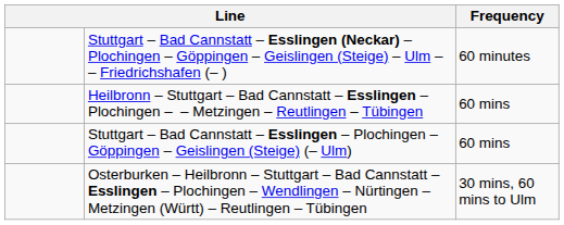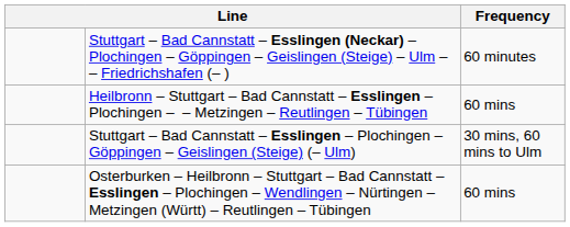 <table class="wikitable">
 <tr>
 <th colspan="2">Line</th>
 <th>Frequency</th>
 </tr>
 <tr>
 <td align="center" style="width:5em"></td>
 <td><a href='#'>Stuttgart</a> – <a href='#'>Bad Cannstatt</a> – <strong>Esslingen (Neckar)</strong> – <a href='#'>Plochingen</a> – <a href='#'>Göppingen</a> – <a href='#'>Geislingen (Steige)</a> – <a href='#'>Ulm</a> –  – <a href='#'>Friedrichshafen</a> (– )</td>
 <td>60 minutes</td>
 </tr>
 <tr>
 <td align="center"></td>
 <td><a href='#'>Heilbronn</a> – Stuttgart – Bad Cannstatt – <strong>Esslingen</strong> – Plochingen –  – Metzingen – <a href='#'>Reutlingen</a> – <a href='#'>Tübingen</a></td>
 <td>60 mins</td>
 </tr>
 <tr>
 <td align="center" style="width:5em"></td>
 <td>Stuttgart – Bad Cannstatt – <strong>Esslingen</strong> – Plochingen – <a href='#'>Göppingen</a> – <a href='#'>Geislingen (Steige)</a> (– <a href='#'>Ulm</a>)</td>
-<td>60 mins</td>
+<td>30 mins, 60 mins to Ulm</td>
 </tr>
 <tr>
 <td style="text-align:center"></td>
 <td>Osterburken – Heilbronn – Stuttgart – Bad Cannstatt – <strong>Esslingen</strong> – Plochingen – <a href='#'>Wendlingen</a> – Nürtingen – Metzingen (Württ) – Reutlingen – Tübingen</td>
-<td>30 mins, 60 mins to Ulm</td>
+<td>60 mins</td>
 </tr>
 </table>
